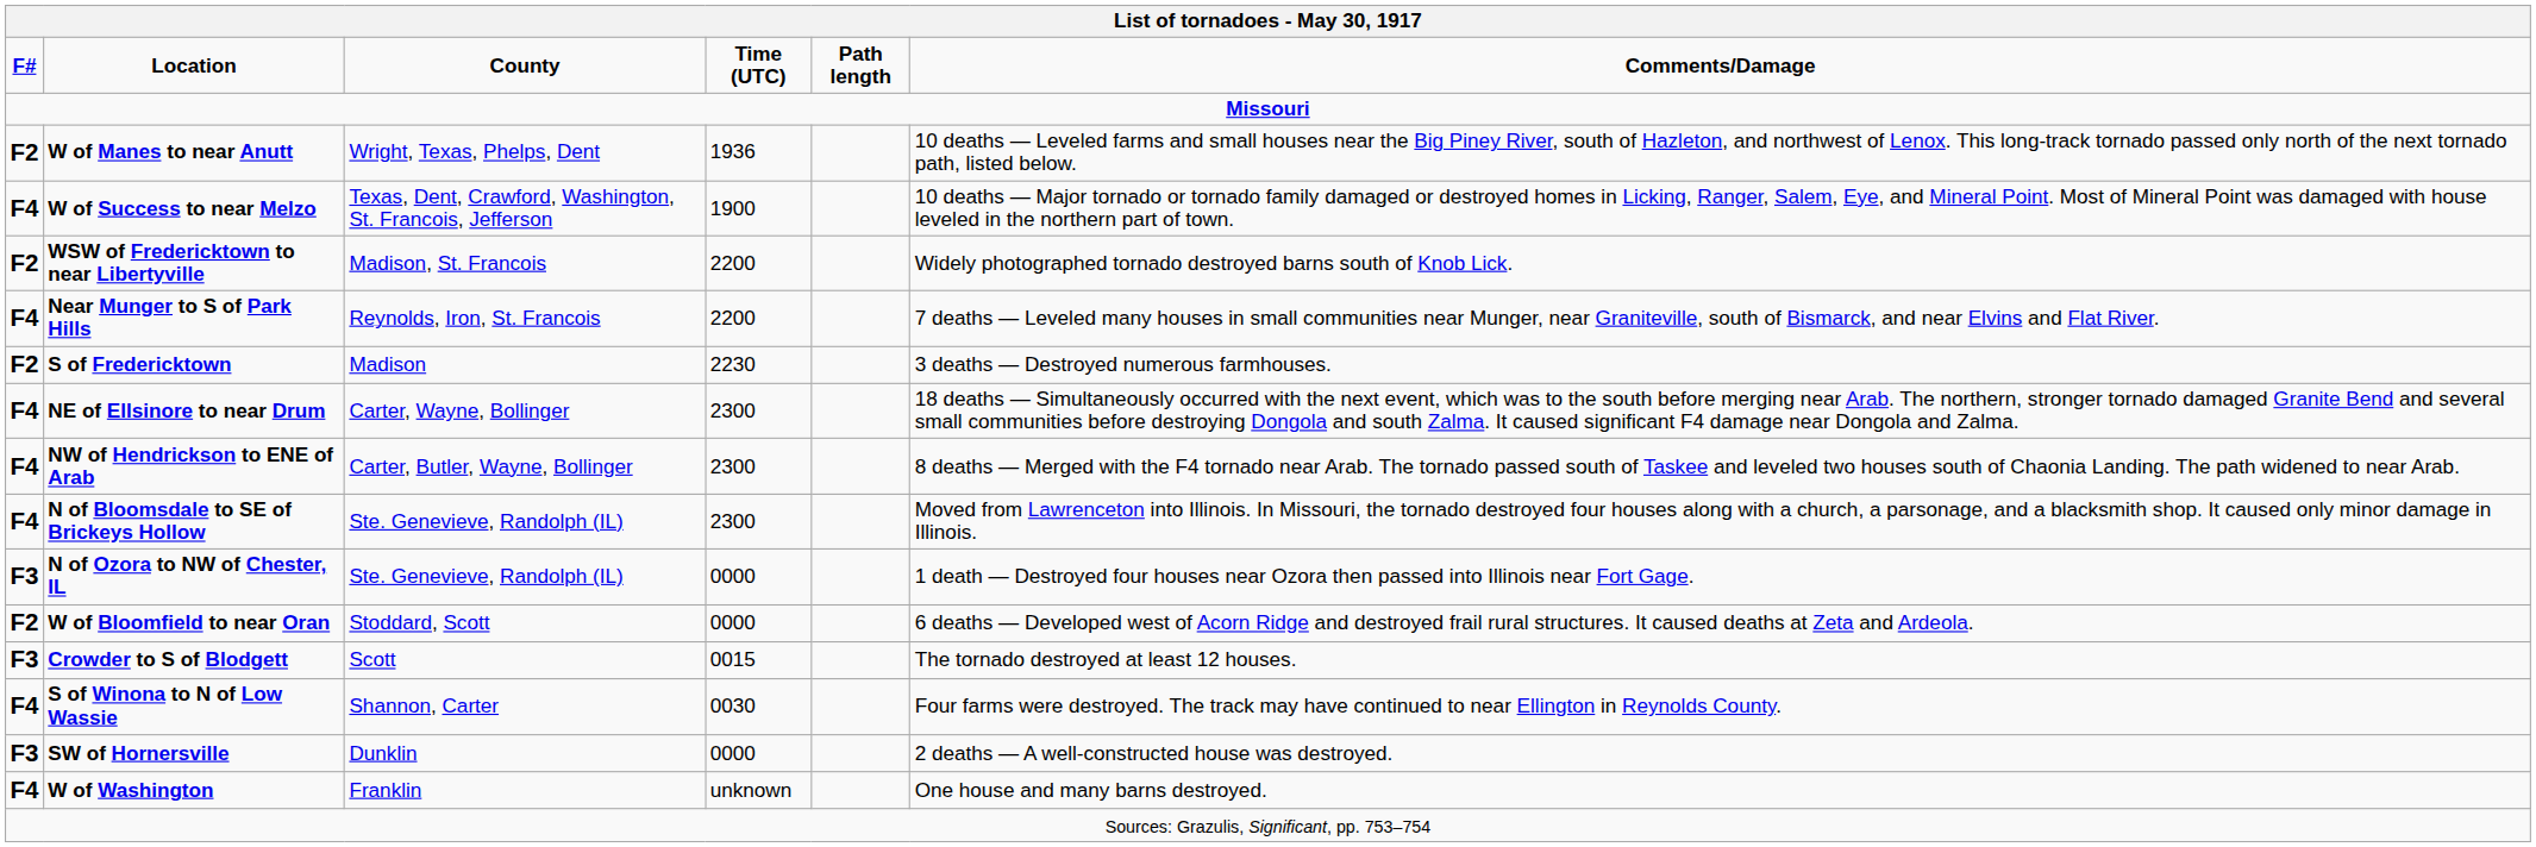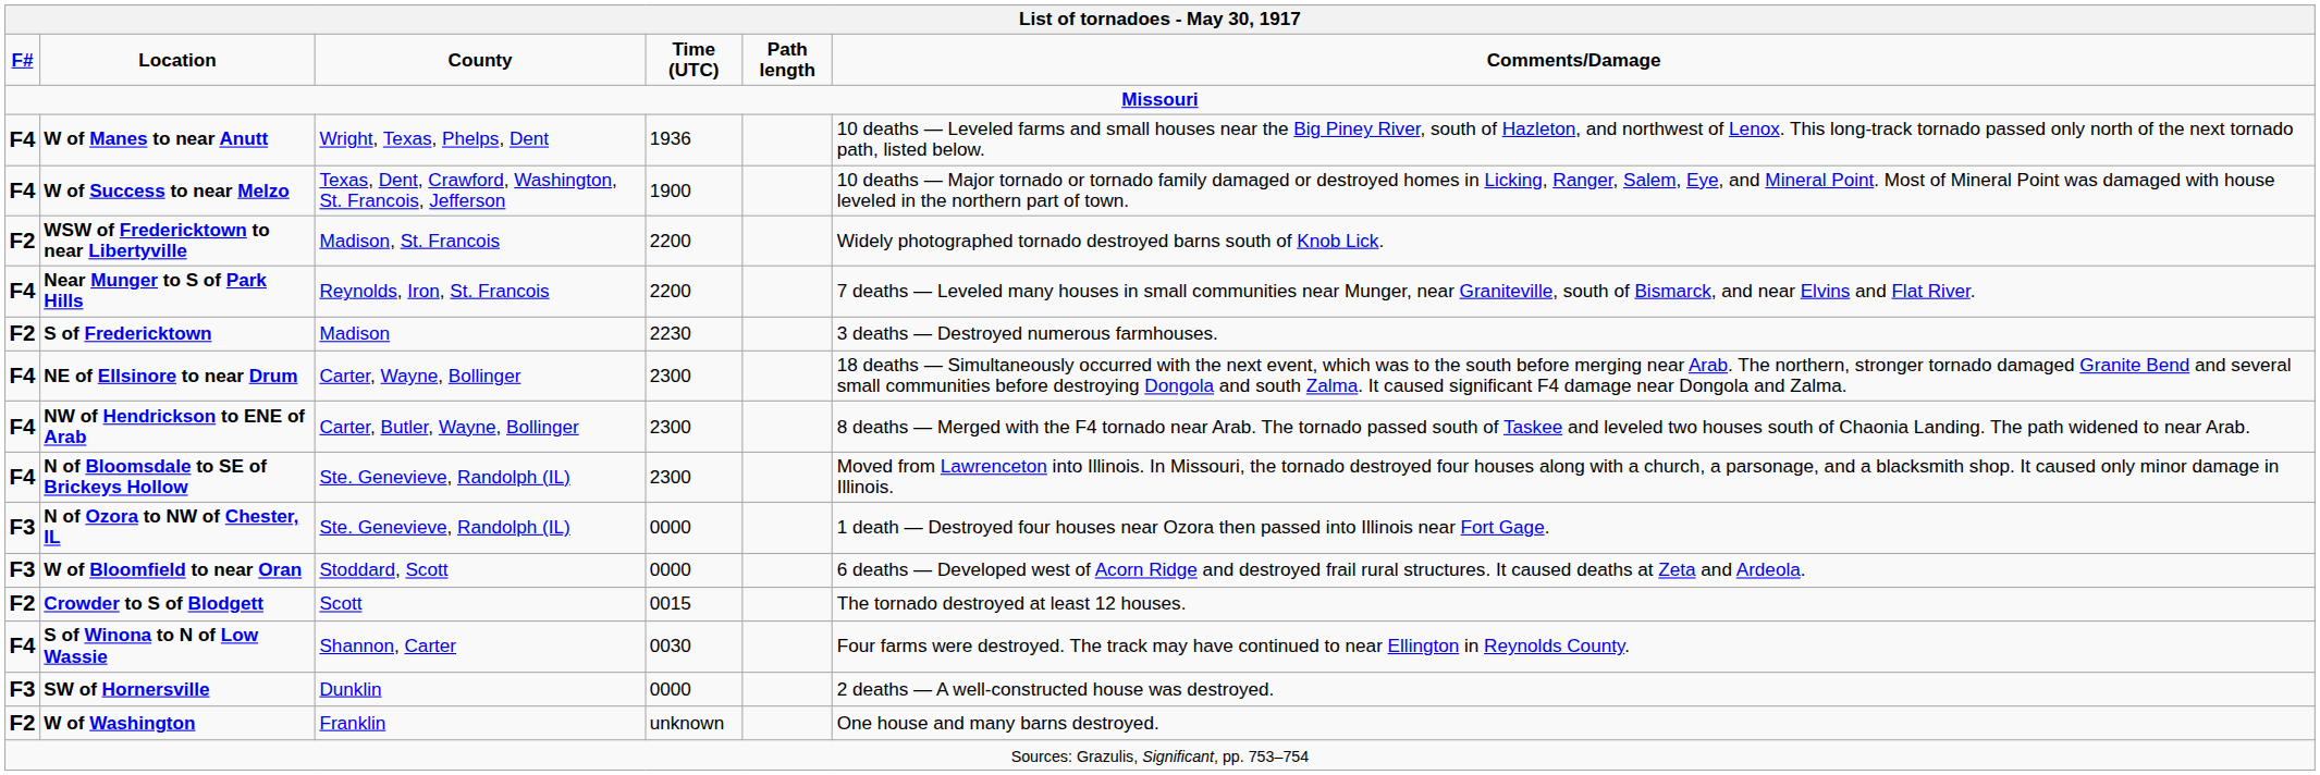 <table class="wikitable collapsible" style="width:100%;">
 <tr>
 <th colspan="6">List of tornadoes - May 30, 1917</th>
 </tr>
 <tr style="text-align:center;">
 <td><strong><a href='#'>F#</a></strong></td>
 <td><strong>Location</strong></td>
 <td><strong>County</strong></td>
 <td><strong>Time (UTC)</strong></td>
 <td><strong>Path length</strong></td>
 <td><strong>Comments/Damage</strong></td>
 </tr>
 <tr>
 <td colspan="7" style="text-align:center;"><strong><a href='#'>Missouri</a></strong></td>
 </tr>
 <tr>
-<td><big><strong>F2</strong></big></td>
+<td><big><strong>F4</strong></big></td>
 <td><strong>W of <a href='#'>Manes</a> to near <a href='#'>Anutt</a></strong></td>
 <td><a href='#'>Wright</a>, <a href='#'>Texas</a>, <a href='#'>Phelps</a>, <a href='#'>Dent</a></td>
 <td>1936</td>
 <td></td>
 <td>10 deaths — Leveled farms and small houses near the <a href='#'>Big Piney River</a>, south of <a href='#'>Hazleton</a>, and northwest of <a href='#'>Lenox</a>. This long-track tornado passed only  north of the next tornado path, listed below.</td>
 </tr>
 <tr>
 <td><big><strong>F4</strong></big></td>
 <td><strong>W of <a href='#'>Success</a> to near <a href='#'>Melzo</a></strong></td>
 <td><a href='#'>Texas</a>, <a href='#'>Dent</a>, <a href='#'>Crawford</a>, <a href='#'>Washington</a>, <a href='#'>St. Francois</a>, <a href='#'>Jefferson</a></td>
 <td>1900</td>
 <td></td>
 <td>10 deaths — Major tornado or tornado family damaged or destroyed homes in <a href='#'>Licking</a>, <a href='#'>Ranger</a>, <a href='#'>Salem</a>, <a href='#'>Eye</a>, and <a href='#'>Mineral Point</a>. Most of Mineral Point was damaged with house leveled in the northern part of town.</td>
 </tr>
 <tr>
 <td><big><strong>F2</strong></big></td>
 <td><strong>WSW of <a href='#'>Fredericktown</a> to near <a href='#'>Libertyville</a></strong></td>
 <td><a href='#'>Madison</a>, <a href='#'>St. Francois</a></td>
 <td>2200</td>
 <td></td>
 <td>Widely photographed tornado destroyed barns south of <a href='#'>Knob Lick</a>.</td>
 </tr>
 <tr>
 <td><big><strong>F4</strong></big></td>
 <td><strong>Near <a href='#'>Munger</a> to S of <a href='#'>Park Hills</a></strong></td>
 <td><a href='#'>Reynolds</a>, <a href='#'>Iron</a>, <a href='#'>St. Francois</a></td>
 <td>2200</td>
 <td></td>
 <td>7 deaths — Leveled many houses in small communities near Munger, near <a href='#'>Graniteville</a>, south of <a href='#'>Bismarck</a>, and near <a href='#'>Elvins</a> and <a href='#'>Flat River</a>.</td>
 </tr>
 <tr>
 <td><big><strong>F2</strong></big></td>
 <td><strong>S of <a href='#'>Fredericktown</a></strong></td>
 <td><a href='#'>Madison</a></td>
 <td>2230</td>
 <td></td>
 <td>3 deaths — Destroyed numerous farmhouses.</td>
 </tr>
 <tr>
 <td><big><strong>F4</strong></big></td>
 <td><strong>NE of <a href='#'>Ellsinore</a> to near <a href='#'>Drum</a></strong></td>
 <td><a href='#'>Carter</a>, <a href='#'>Wayne</a>, <a href='#'>Bollinger</a></td>
 <td>2300</td>
 <td></td>
 <td>18 deaths — Simultaneously occurred with the next event, which was  to the south before merging near <a href='#'>Arab</a>. The northern, stronger tornado damaged <a href='#'>Granite Bend</a> and several small communities before destroying <a href='#'>Dongola</a> and south <a href='#'>Zalma</a>. It caused significant F4 damage near Dongola and Zalma.</td>
 </tr>
 <tr>
 <td><big><strong>F4</strong></big></td>
 <td><strong>NW of <a href='#'>Hendrickson</a> to ENE of <a href='#'>Arab</a></strong></td>
 <td><a href='#'>Carter</a>, <a href='#'>Butler</a>, <a href='#'>Wayne</a>, <a href='#'>Bollinger</a></td>
 <td>2300</td>
 <td></td>
 <td>8 deaths — Merged with the F4 tornado near Arab. The tornado passed south of <a href='#'>Taskee</a> and leveled two houses south of Chaonia Landing. The path widened to  near Arab.</td>
 </tr>
 <tr>
 <td><big><strong>F4</strong></big></td>
 <td><strong>N of <a href='#'>Bloomsdale</a> to SE of <a href='#'>Brickeys Hollow</a></strong></td>
 <td><a href='#'>Ste. Genevieve</a>, <a href='#'>Randolph (IL)</a></td>
 <td>2300</td>
 <td></td>
 <td>Moved from <a href='#'>Lawrenceton</a> into Illinois. In Missouri, the tornado destroyed four houses along with a church, a parsonage, and a blacksmith shop. It caused only minor damage in Illinois.</td>
 </tr>
 <tr>
 <td><big><strong>F3</strong></big></td>
 <td><strong>N of <a href='#'>Ozora</a> to NW of <a href='#'>Chester, IL</a></strong></td>
 <td><a href='#'>Ste. Genevieve</a>, <a href='#'>Randolph (IL)</a></td>
 <td>0000</td>
 <td></td>
 <td>1 death — Destroyed four houses near Ozora then passed into Illinois near <a href='#'>Fort Gage</a>.</td>
 </tr>
 <tr>
-<td><big><strong>F2</strong></big></td>
+<td><big><strong>F3</strong></big></td>
 <td><strong>W of <a href='#'>Bloomfield</a> to near <a href='#'>Oran</a></strong></td>
 <td><a href='#'>Stoddard</a>, <a href='#'>Scott</a></td>
 <td>0000</td>
 <td></td>
 <td>6 deaths — Developed west of <a href='#'>Acorn Ridge</a> and destroyed frail rural structures. It caused deaths at <a href='#'>Zeta</a> and <a href='#'>Ardeola</a>.</td>
 </tr>
 <tr>
-<td><big><strong>F3</strong></big></td>
+<td><big><strong>F2</strong></big></td>
 <td><strong><a href='#'>Crowder</a> to S of <a href='#'>Blodgett</a></strong></td>
 <td><a href='#'>Scott</a></td>
 <td>0015</td>
 <td></td>
 <td>The tornado destroyed at least 12 houses.</td>
 </tr>
 <tr>
 <td><big><strong>F4</strong></big></td>
 <td><strong>S of <a href='#'>Winona</a> to N of <a href='#'>Low Wassie</a></strong></td>
 <td><a href='#'>Shannon</a>, <a href='#'>Carter</a></td>
 <td>0030</td>
 <td></td>
 <td>Four farms were destroyed. The track may have continued to near <a href='#'>Ellington</a> in <a href='#'>Reynolds County</a>.</td>
 </tr>
 <tr>
 <td><big><strong>F3</strong></big></td>
 <td><strong>SW of <a href='#'>Hornersville</a></strong></td>
 <td><a href='#'>Dunklin</a></td>
 <td>0000</td>
 <td></td>
 <td>2 deaths — A well-constructed house was destroyed.</td>
 </tr>
 <tr>
-<td><big><strong>F4</strong></big></td>
+<td><big><strong>F2</strong></big></td>
 <td><strong>W of <a href='#'>Washington</a></strong></td>
 <td><a href='#'>Franklin</a></td>
 <td>unknown</td>
 <td></td>
 <td>One house and many barns destroyed.</td>
 </tr>
 <tr>
 <td colspan="6" style="text-align:center;"><small>Sources: Grazulis, <em>Significant</em>, pp. 753–754</small></td>
 </tr>
 </table>
